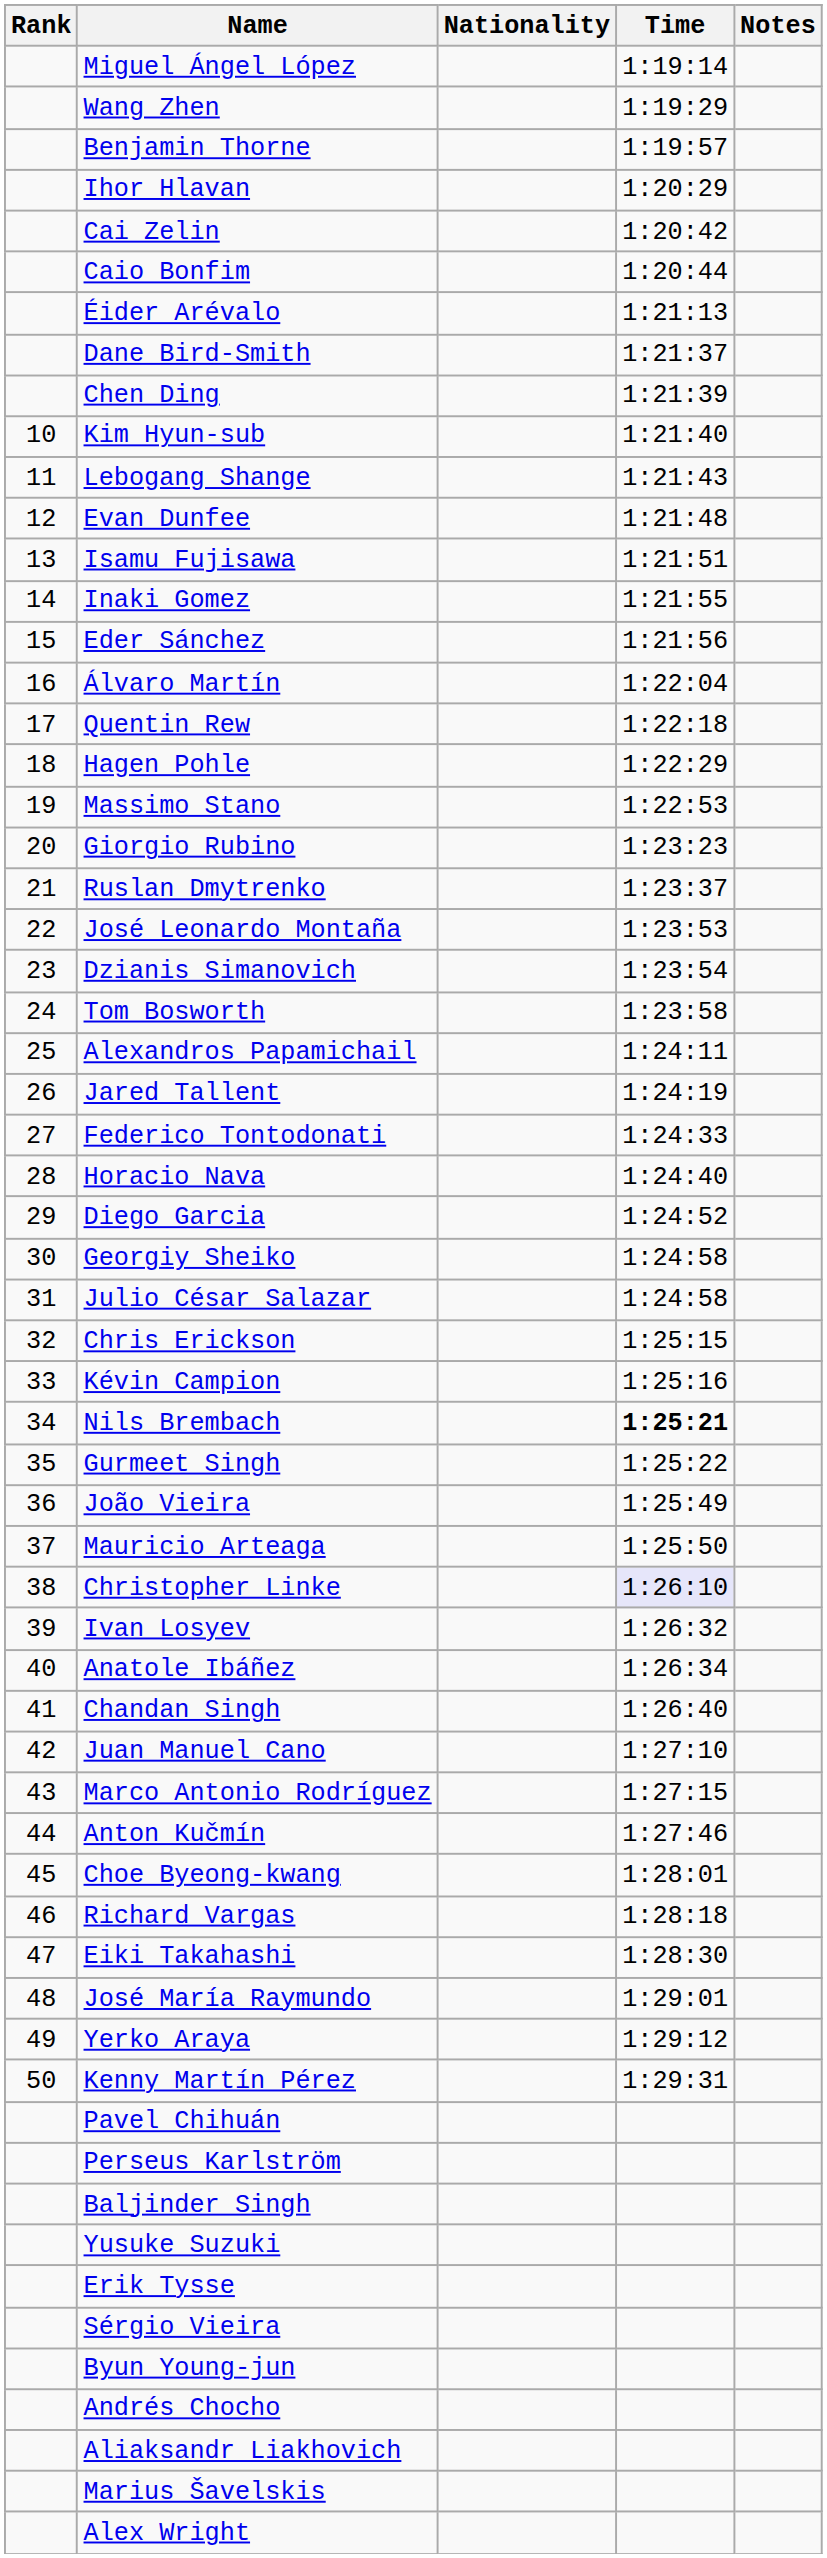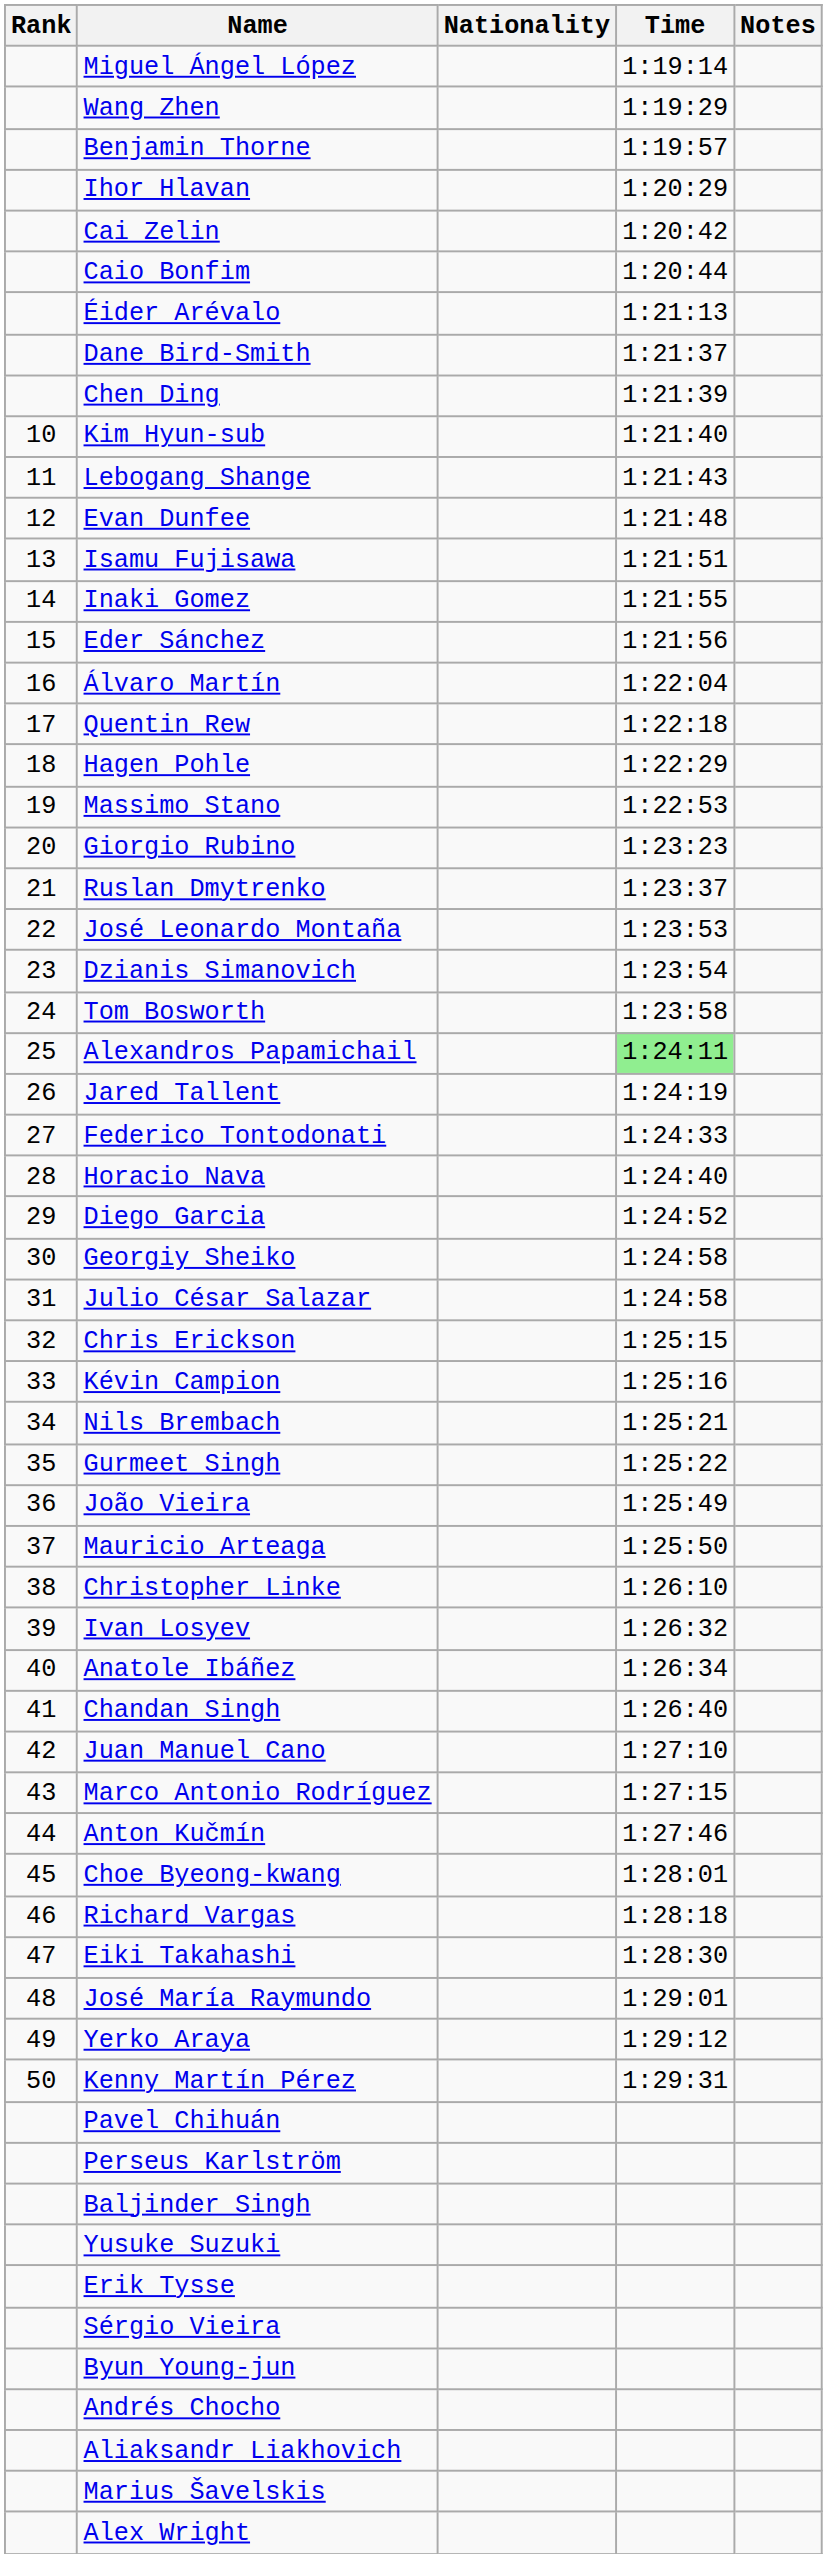 <table class="wikitable sortable" style="text-align:center">
 <tr>
 <th>Rank</th>
 <th>Name</th>
 <th>Nationality</th>
 <th>Time</th>
 <th>Notes</th>
 </tr>
 <tr>
 <td></td>
 <td align=left><a href='#'>Miguel Ángel López</a></td>
 <td align=left></td>
 <td>1:19:14</td>
 <td></td>
 </tr>
 <tr>
 <td></td>
 <td align=left><a href='#'>Wang Zhen</a></td>
 <td align=left></td>
 <td>1:19:29</td>
 <td></td>
 </tr>
 <tr>
 <td></td>
 <td align=left><a href='#'>Benjamin Thorne</a></td>
 <td align=left></td>
 <td>1:19:57</td>
 <td></td>
 </tr>
 <tr>
 <td></td>
 <td align=left><a href='#'>Ihor Hlavan</a></td>
 <td align=left></td>
 <td>1:20:29</td>
 <td></td>
 </tr>
 <tr>
 <td></td>
 <td align=left><a href='#'>Cai Zelin</a></td>
 <td align=left></td>
 <td>1:20:42</td>
 <td></td>
 </tr>
 <tr>
 <td></td>
 <td align=left><a href='#'>Caio Bonfim</a></td>
 <td align=left></td>
 <td>1:20:44</td>
 <td></td>
 </tr>
 <tr>
 <td></td>
 <td align=left><a href='#'>Éider Arévalo</a></td>
 <td align=left></td>
 <td>1:21:13</td>
 <td></td>
 </tr>
 <tr>
 <td></td>
 <td align=left><a href='#'>Dane Bird-Smith</a></td>
 <td align=left></td>
 <td>1:21:37</td>
 <td></td>
 </tr>
 <tr>
 <td></td>
 <td align=left><a href='#'>Chen Ding</a></td>
 <td align=left></td>
 <td>1:21:39</td>
 <td></td>
 </tr>
 <tr>
 <td>10</td>
 <td align=left><a href='#'>Kim Hyun-sub</a></td>
 <td align=left></td>
 <td>1:21:40</td>
 <td></td>
 </tr>
 <tr>
 <td>11</td>
 <td align=left><a href='#'>Lebogang Shange</a></td>
 <td align=left></td>
 <td>1:21:43</td>
 <td></td>
 </tr>
 <tr>
 <td>12</td>
 <td align=left><a href='#'>Evan Dunfee</a></td>
 <td align=left></td>
 <td>1:21:48</td>
 <td></td>
 </tr>
 <tr>
 <td>13</td>
 <td align=left><a href='#'>Isamu Fujisawa</a></td>
 <td align=left></td>
 <td>1:21:51</td>
 <td></td>
 </tr>
 <tr>
 <td>14</td>
 <td align=left><a href='#'>Inaki Gomez</a></td>
 <td align=left></td>
 <td>1:21:55</td>
 <td></td>
 </tr>
 <tr>
 <td>15</td>
 <td align=left><a href='#'>Eder Sánchez</a></td>
 <td align=left></td>
 <td>1:21:56</td>
 <td></td>
 </tr>
 <tr>
 <td>16</td>
 <td align=left><a href='#'>Álvaro Martín</a></td>
 <td align=left></td>
 <td>1:22:04</td>
 <td></td>
 </tr>
 <tr>
 <td>17</td>
 <td align=left><a href='#'>Quentin Rew</a></td>
 <td align=left></td>
 <td>1:22:18</td>
 <td></td>
 </tr>
 <tr>
 <td>18</td>
 <td align=left><a href='#'>Hagen Pohle</a></td>
 <td align=left></td>
 <td>1:22:29</td>
 <td></td>
 </tr>
 <tr>
 <td>19</td>
 <td align=left><a href='#'>Massimo Stano</a></td>
 <td align=left></td>
 <td>1:22:53</td>
 <td></td>
 </tr>
 <tr>
 <td>20</td>
 <td align=left><a href='#'>Giorgio Rubino</a></td>
 <td align=left></td>
 <td>1:23:23</td>
 <td></td>
 </tr>
 <tr>
 <td>21</td>
 <td align=left><a href='#'>Ruslan Dmytrenko</a></td>
 <td align=left></td>
 <td>1:23:37</td>
 <td></td>
 </tr>
 <tr>
 <td>22</td>
 <td align=left><a href='#'>José Leonardo Montaña</a></td>
 <td align=left></td>
 <td>1:23:53</td>
 <td></td>
 </tr>
 <tr>
 <td>23</td>
 <td align=left><a href='#'>Dzianis Simanovich</a></td>
 <td align=left></td>
 <td>1:23:54</td>
 <td></td>
 </tr>
 <tr>
 <td>24</td>
 <td align=left><a href='#'>Tom Bosworth</a></td>
 <td align=left></td>
 <td>1:23:58</td>
 <td></td>
 </tr>
 <tr>
 <td>25</td>
 <td align=left><a href='#'>Alexandros Papamichail</a></td>
 <td align=left></td>
-<td>1:24:11</td>
+<td style="background: lightgreen;">1:24:11</td>
 <td></td>
 </tr>
 <tr>
 <td>26</td>
 <td align=left><a href='#'>Jared Tallent</a></td>
 <td align=left></td>
 <td>1:24:19</td>
 <td></td>
 </tr>
 <tr>
 <td>27</td>
 <td align=left><a href='#'>Federico Tontodonati</a></td>
 <td align=left></td>
 <td>1:24:33</td>
 <td></td>
 </tr>
 <tr>
 <td>28</td>
 <td align=left><a href='#'>Horacio Nava</a></td>
 <td align=left></td>
 <td>1:24:40</td>
 <td></td>
 </tr>
 <tr>
 <td>29</td>
 <td align=left><a href='#'>Diego Garcia</a></td>
 <td align=left></td>
 <td>1:24:52</td>
 <td></td>
 </tr>
 <tr>
 <td>30</td>
 <td align=left><a href='#'>Georgiy Sheiko</a></td>
 <td align=left></td>
 <td>1:24:58</td>
 <td></td>
 </tr>
 <tr>
 <td>31</td>
 <td align=left><a href='#'>Julio César Salazar</a></td>
 <td align=left></td>
 <td>1:24:58</td>
 <td></td>
 </tr>
 <tr>
 <td>32</td>
 <td align=left><a href='#'>Chris Erickson</a></td>
 <td align=left></td>
 <td>1:25:15</td>
 <td></td>
 </tr>
 <tr>
 <td>33</td>
 <td align=left><a href='#'>Kévin Campion</a></td>
 <td align=left></td>
 <td>1:25:16</td>
 <td></td>
 </tr>
 <tr>
 <td>34</td>
 <td align=left><a href='#'>Nils Brembach</a></td>
 <td align=left></td>
-<td><strong>1:25:21</strong></td>
+<td>1:25:21</td>
 <td></td>
 </tr>
 <tr>
 <td>35</td>
 <td align=left><a href='#'>Gurmeet Singh</a></td>
 <td align=left></td>
 <td>1:25:22</td>
 <td></td>
 </tr>
 <tr>
 <td>36</td>
 <td align=left><a href='#'>João Vieira</a></td>
 <td align=left></td>
 <td>1:25:49</td>
 <td></td>
 </tr>
 <tr>
 <td>37</td>
 <td align=left><a href='#'>Mauricio Arteaga</a></td>
 <td align=left></td>
 <td>1:25:50</td>
 <td></td>
 </tr>
 <tr>
 <td>38</td>
 <td align=left><a href='#'>Christopher Linke</a></td>
 <td align=left></td>
-<td style="background: lavender;">1:26:10</td>
+<td>1:26:10</td>
 <td></td>
 </tr>
 <tr>
 <td>39</td>
 <td align=left><a href='#'>Ivan Losyev</a></td>
 <td align=left></td>
 <td>1:26:32</td>
 <td></td>
 </tr>
 <tr>
 <td>40</td>
 <td align=left><a href='#'>Anatole Ibáñez</a></td>
 <td align=left></td>
 <td>1:26:34</td>
 <td></td>
 </tr>
 <tr>
 <td>41</td>
 <td align=left><a href='#'>Chandan Singh</a></td>
 <td align=left></td>
 <td>1:26:40</td>
 <td></td>
 </tr>
 <tr>
 <td>42</td>
 <td align=left><a href='#'>Juan Manuel Cano</a></td>
 <td align=left></td>
 <td>1:27:10</td>
 <td></td>
 </tr>
 <tr>
 <td>43</td>
 <td align=left><a href='#'>Marco Antonio Rodríguez</a></td>
 <td align=left></td>
 <td>1:27:15</td>
 <td></td>
 </tr>
 <tr>
 <td>44</td>
 <td align=left><a href='#'>Anton Kučmín</a></td>
 <td align=left></td>
 <td>1:27:46</td>
 <td></td>
 </tr>
 <tr>
 <td>45</td>
 <td align=left><a href='#'>Choe Byeong-kwang</a></td>
 <td align=left></td>
 <td>1:28:01</td>
 <td></td>
 </tr>
 <tr>
 <td>46</td>
 <td align=left><a href='#'>Richard Vargas</a></td>
 <td align=left></td>
 <td>1:28:18</td>
 <td></td>
 </tr>
 <tr>
 <td>47</td>
 <td align=left><a href='#'>Eiki Takahashi</a></td>
 <td align=left></td>
 <td>1:28:30</td>
 <td></td>
 </tr>
 <tr>
 <td>48</td>
 <td align=left><a href='#'>José María Raymundo</a></td>
 <td align=left></td>
 <td>1:29:01</td>
 <td></td>
 </tr>
 <tr>
 <td>49</td>
 <td align=left><a href='#'>Yerko Araya</a></td>
 <td align=left></td>
 <td>1:29:12</td>
 <td></td>
 </tr>
 <tr>
 <td>50</td>
 <td align=left><a href='#'>Kenny Martín Pérez</a></td>
 <td align=left></td>
 <td>1:29:31</td>
 <td></td>
 </tr>
 <tr>
 <td></td>
 <td align=left><a href='#'>Pavel Chihuán</a></td>
 <td align=left></td>
 <td></td>
 <td></td>
 </tr>
 <tr>
 <td></td>
 <td align=left><a href='#'>Perseus Karlström</a></td>
 <td align=left></td>
 <td></td>
 <td></td>
 </tr>
 <tr>
 <td></td>
 <td align=left><a href='#'>Baljinder Singh</a></td>
 <td align=left></td>
 <td></td>
 <td></td>
 </tr>
 <tr>
 <td></td>
 <td align=left><a href='#'>Yusuke Suzuki</a></td>
 <td align=left></td>
 <td></td>
 <td></td>
 </tr>
 <tr>
 <td></td>
 <td align=left><a href='#'>Erik Tysse</a></td>
 <td align=left></td>
 <td></td>
 <td></td>
 </tr>
 <tr>
 <td></td>
 <td align=left><a href='#'>Sérgio Vieira</a></td>
 <td align=left></td>
 <td></td>
 <td></td>
 </tr>
 <tr>
 <td></td>
 <td align=left><a href='#'>Byun Young-jun</a></td>
 <td align=left></td>
 <td></td>
 <td></td>
 </tr>
 <tr>
 <td></td>
 <td align=left><a href='#'>Andrés Chocho</a></td>
 <td align=left></td>
 <td></td>
 <td></td>
 </tr>
 <tr>
 <td></td>
 <td align=left><a href='#'>Aliaksandr Liakhovich</a></td>
 <td align=left></td>
 <td></td>
 <td></td>
 </tr>
 <tr>
 <td></td>
 <td align=left><a href='#'>Marius Šavelskis</a></td>
 <td align=left></td>
 <td></td>
 <td></td>
 </tr>
 <tr>
 <td></td>
 <td align=left><a href='#'>Alex Wright</a></td>
 <td align=left></td>
 <td></td>
 <td></td>
 </tr>
 </table>
